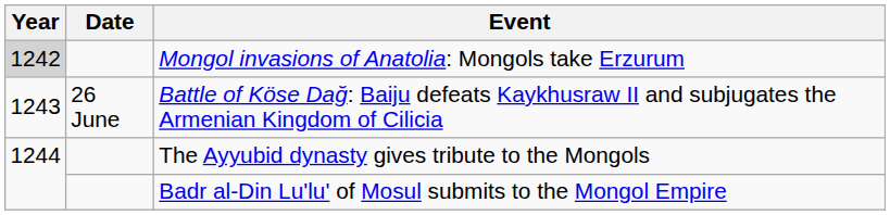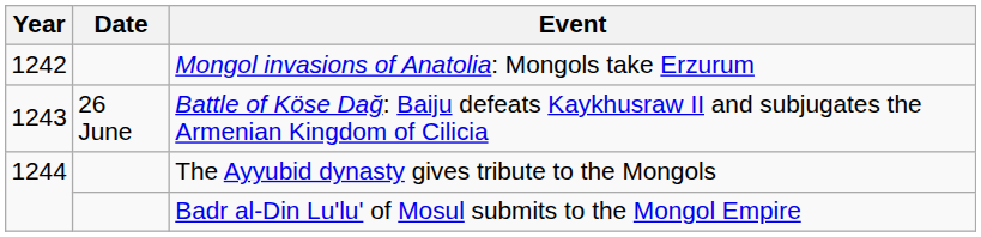 <table class="wikitable" width="100%">
 <tr>
 <th style="width:6%">Year</th>
 <th style="width:10%">Date</th>
 <th>Event</th>
 </tr>
 <tr>
-<td style="background: lightgrey;">1242</td>
+<td>1242</td>
 <td></td>
 <td><em><a href='#'>Mongol invasions of Anatolia</a></em>: Mongols take <a href='#'>Erzurum</a></td>
 </tr>
 <tr>
 <td>1243</td>
 <td>26 June</td>
 <td><em><a href='#'>Battle of Köse Dağ</a></em>: <a href='#'>Baiju</a> defeats <a href='#'>Kaykhusraw II</a> and subjugates the <a href='#'>Armenian Kingdom of Cilicia</a></td>
 </tr>
 <tr>
 <td rowspan="2" valign="top">1244</td>
 <td></td>
 <td>The <a href='#'>Ayyubid dynasty</a> gives tribute to the Mongols</td>
 </tr>
 <tr>
 <td></td>
 <td><a href='#'>Badr al-Din Lu'lu'</a> of <a href='#'>Mosul</a> submits to the <a href='#'>Mongol Empire</a></td>
 </tr>
 </table>
